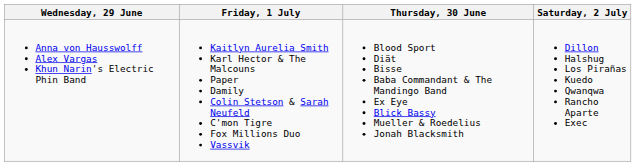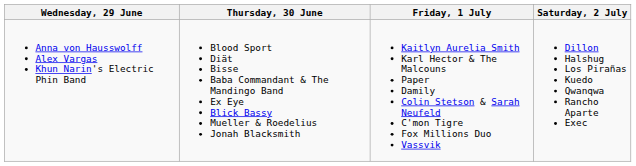 <table class="wikitable">
 <tr>
 <th>Wednesday, 29 June</th>
+<th>Thursday, 30 June</th>
 <th>Friday, 1 July</th>
-<th>Thursday, 30 June</th>
 <th>Saturday, 2 July</th>
 </tr>
 <tr valign="top">
 <td><br><ul><li><a href='#'>Anna von Hausswolff</a></li><li><a href='#'>Alex Vargas</a></li><li><a href='#'>Khun Narin</a>'s Electric Phin Band</li></ul></td>
+<td><br><ul><li>Blood Sport</li><li>Diät</li><li>Bisse</li><li>Baba Commandant & The Mandingo Band</li><li>Ex Eye</li><li><a href='#'>Blick Bassy</a></li><li>Mueller & Roedelius</li><li>Jonah Blacksmith</li></ul></td>
 <td><br><ul><li><a href='#'>Kaitlyn Aurelia Smith</a></li><li>Karl Hector & The Malcouns</li><li>Paper</li><li>Damily</li><li><a href='#'>Colin Stetson</a> & <a href='#'>Sarah Neufeld</a></li><li>C'mon Tigre</li><li>Fox Millions Duo</li><li><a href='#'>Vassvik</a></li></ul></td>
-<td><br><ul><li>Blood Sport</li><li>Diät</li><li>Bisse</li><li>Baba Commandant & The Mandingo Band</li><li>Ex Eye</li><li><a href='#'>Blick Bassy</a></li><li>Mueller & Roedelius</li><li>Jonah Blacksmith</li></ul></td>
 <td><br><ul><li><a href='#'>Dillon</a></li><li>Halshug</li><li>Los Pirañas</li><li>Kuedo</li><li>Qwanqwa</li><li>Rancho Aparte</li><li>Exec</li></ul></td>
 </tr>
 </table>
